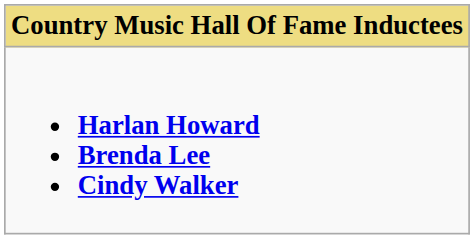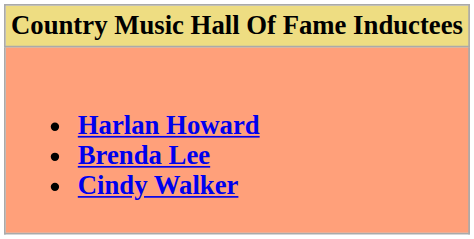 <table class="wikitable">
 <tr>
 <th style="background:#EEDD82; width=50%">Country Music Hall Of Fame Inductees</th>
 </tr>
 <tr>
-<td valign="top"><br><ul><li><strong><a href='#'>Harlan Howard</a></strong></li><li><strong><a href='#'>Brenda Lee</a></strong></li><li><strong><a href='#'>Cindy Walker</a></strong></li></ul></td>
+<td valign="top" style="background: lightsalmon;"><br><ul><li><strong><a href='#'>Harlan Howard</a></strong></li><li><strong><a href='#'>Brenda Lee</a></strong></li><li><strong><a href='#'>Cindy Walker</a></strong></li></ul></td>
 </tr>
 </table>
